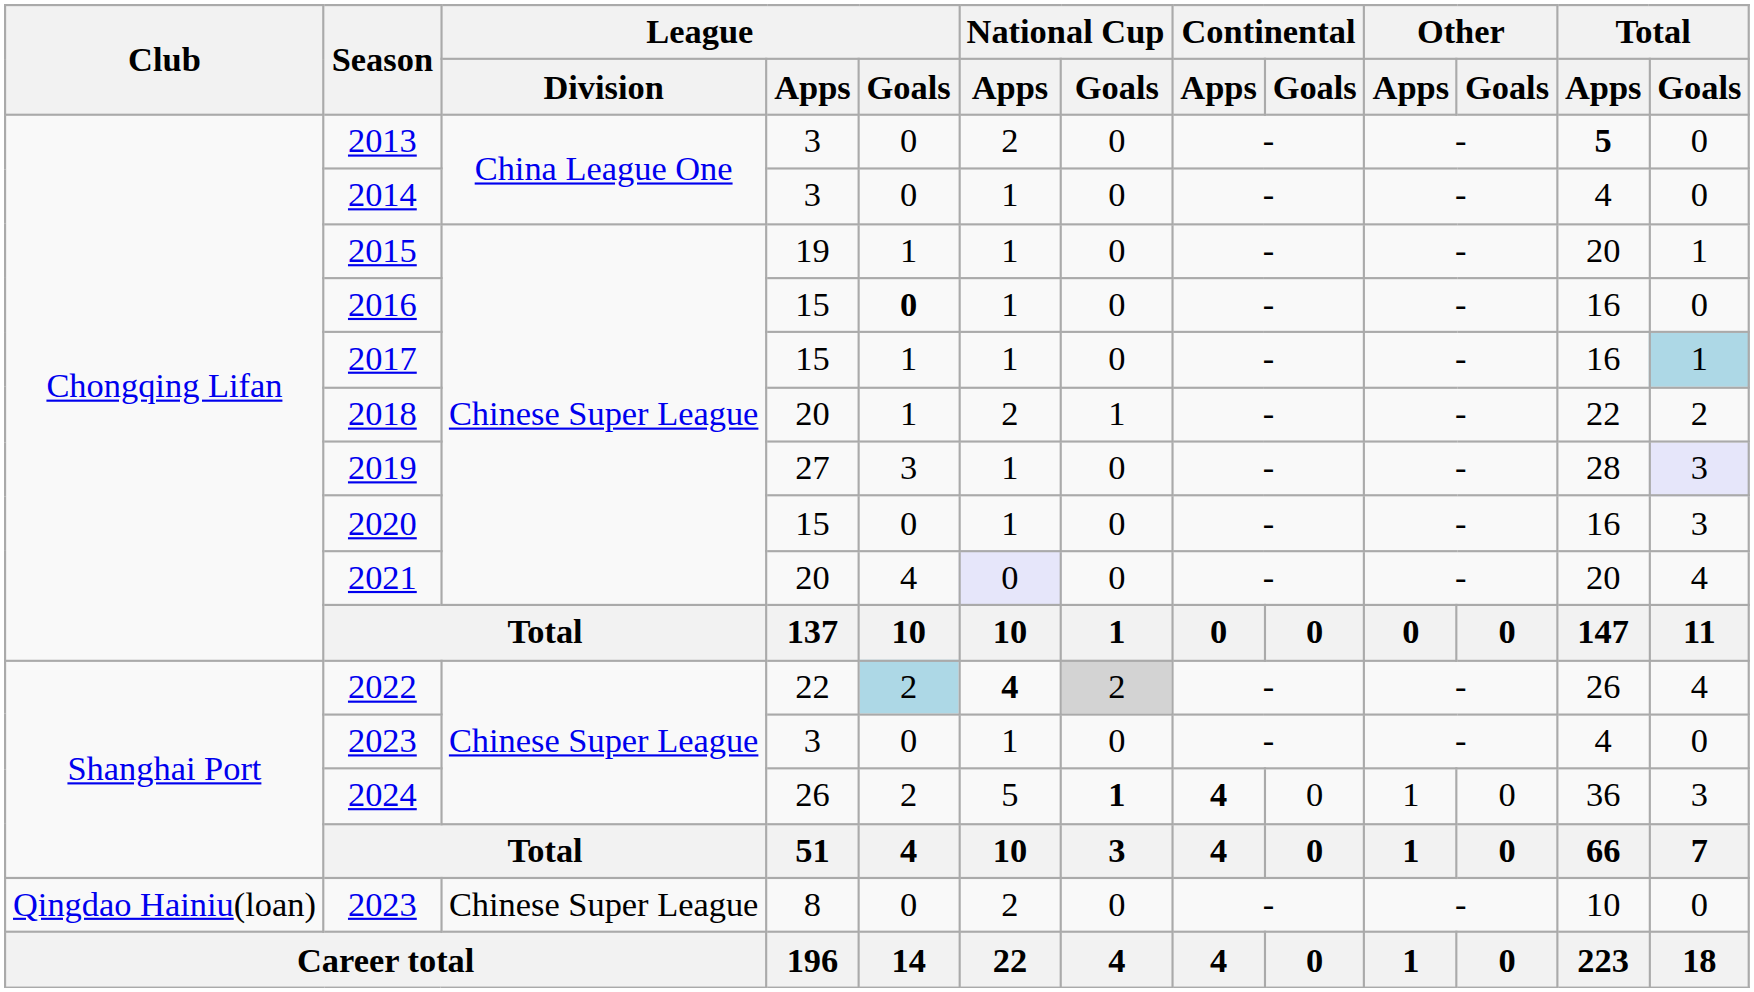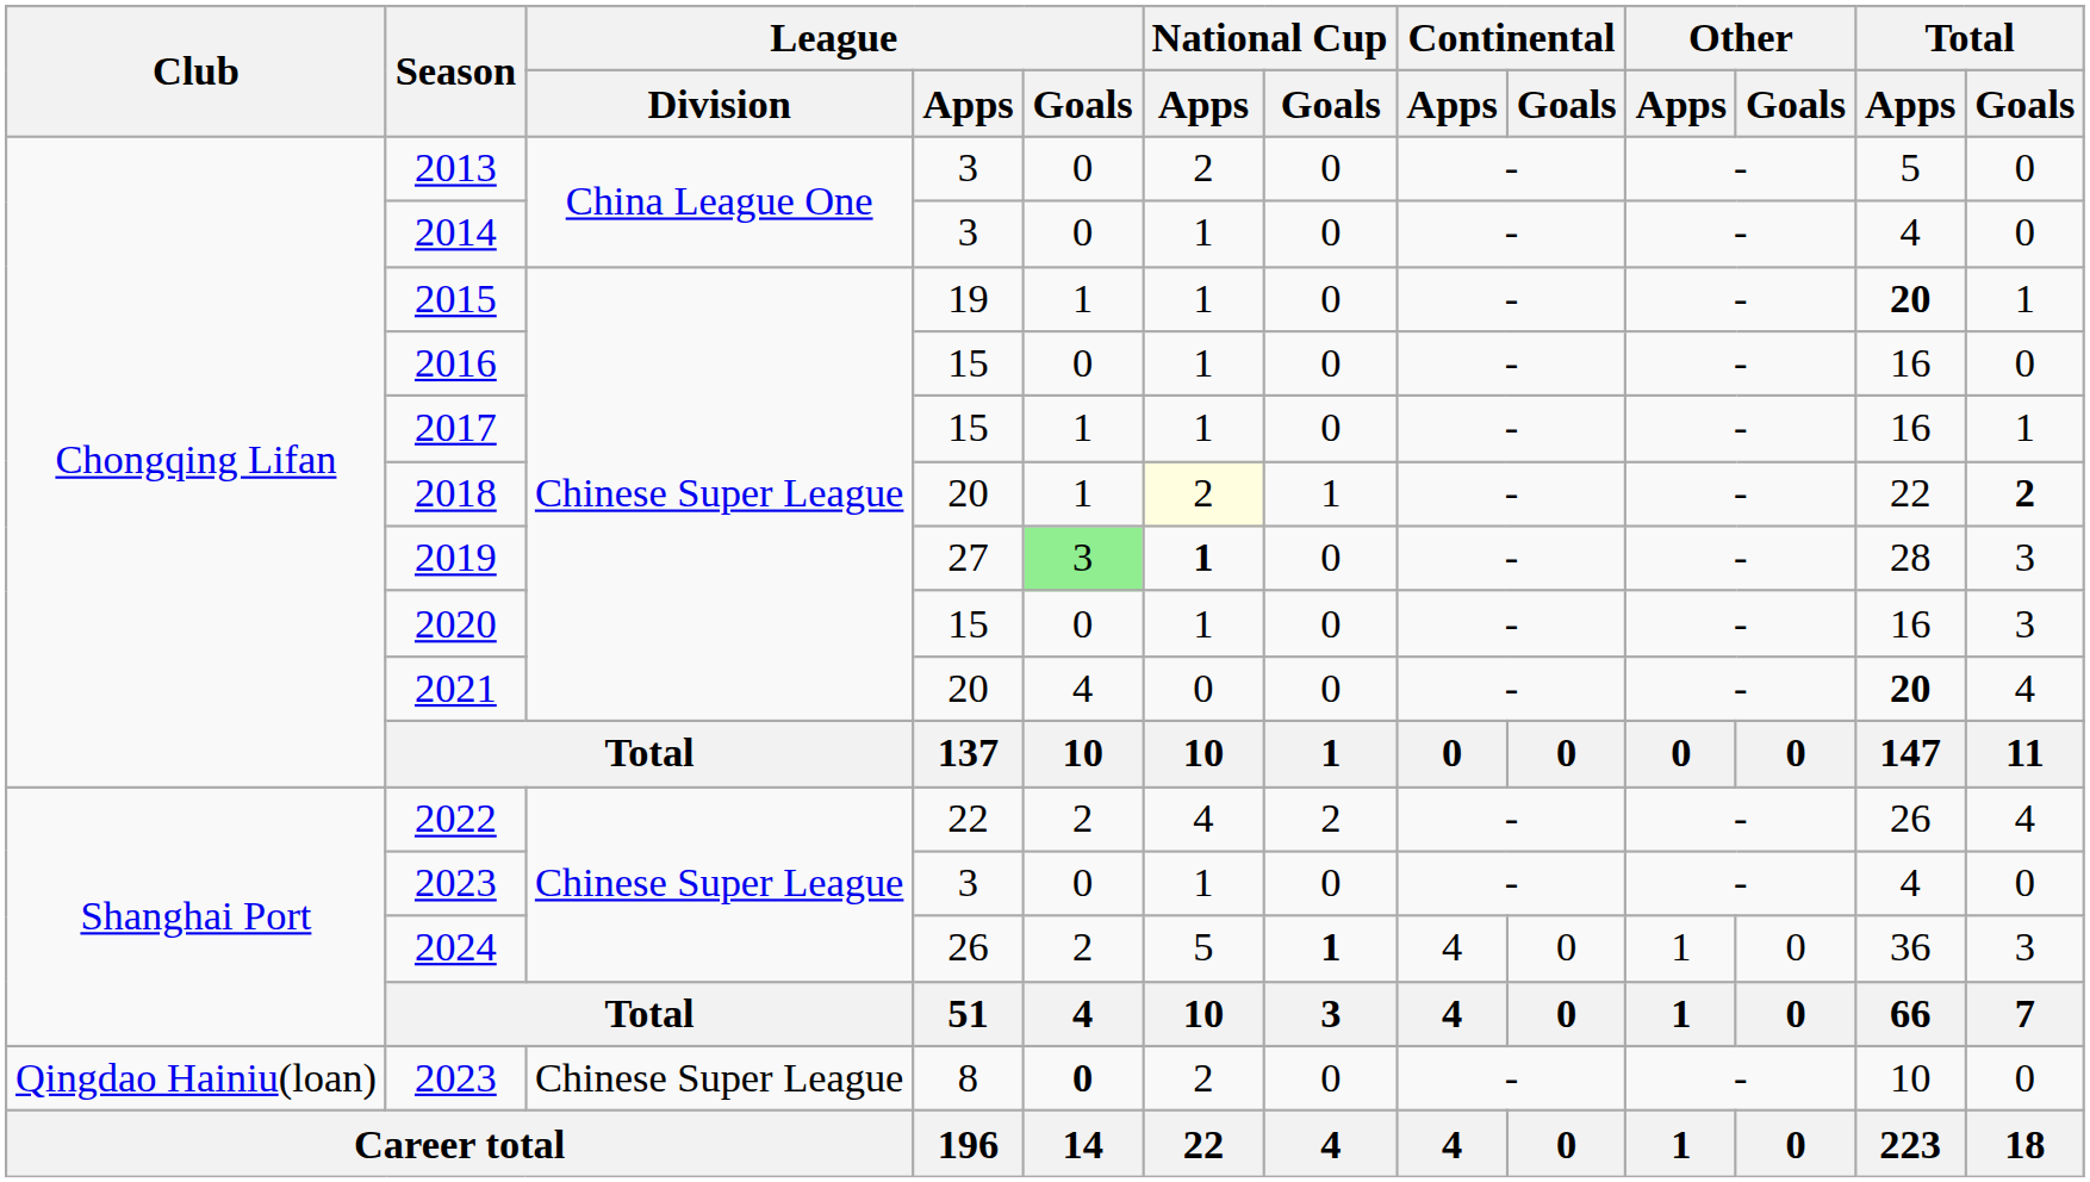 <table class="wikitable" style="text-align: center">
 <tr>
 <th rowspan="2">Club</th>
 <th rowspan="2">Season</th>
 <th colspan="3">League</th>
 <th colspan="2">National Cup</th>
 <th colspan="2">Continental</th>
 <th colspan="2">Other</th>
 <th colspan="2">Total</th>
 </tr>
 <tr>
 <th>Division</th>
 <th>Apps</th>
 <th>Goals</th>
 <th>Apps</th>
 <th>Goals</th>
 <th>Apps</th>
 <th>Goals</th>
 <th>Apps</th>
 <th>Goals</th>
 <th>Apps</th>
 <th>Goals</th>
 </tr>
 <tr>
 <td rowspan="10"><a href='#'>Chongqing Lifan</a></td>
 <td><a href='#'>2013</a></td>
 <td rowspan="2"><a href='#'>China League One</a></td>
 <td>3</td>
 <td>0</td>
 <td>2</td>
 <td>0</td>
 <td colspan="2">-</td>
 <td colspan="2">-</td>
-<td><strong>5</strong></td>
+<td>5</td>
 <td>0</td>
 </tr>
 <tr>
 <td><a href='#'>2014</a></td>
 <td>3</td>
 <td>0</td>
 <td>1</td>
 <td>0</td>
 <td colspan="2">-</td>
 <td colspan="2">-</td>
 <td>4</td>
 <td>0</td>
 </tr>
 <tr>
 <td><a href='#'>2015</a></td>
 <td rowspan="7"><a href='#'>Chinese Super League</a></td>
 <td>19</td>
 <td>1</td>
 <td>1</td>
 <td>0</td>
 <td colspan="2">-</td>
 <td colspan="2">-</td>
-<td>20</td>
+<td><strong>20</strong></td>
 <td>1</td>
 </tr>
 <tr>
 <td><a href='#'>2016</a></td>
 <td>15</td>
-<td><strong>0</strong></td>
+<td>0</td>
 <td>1</td>
 <td>0</td>
 <td colspan="2">-</td>
 <td colspan="2">-</td>
 <td>16</td>
 <td>0</td>
 </tr>
 <tr>
 <td><a href='#'>2017</a></td>
 <td>15</td>
 <td>1</td>
 <td>1</td>
 <td>0</td>
 <td colspan="2">-</td>
 <td colspan="2">-</td>
 <td>16</td>
-<td style="background: lightblue;">1</td>
+<td>1</td>
 </tr>
 <tr>
 <td><a href='#'>2018</a></td>
 <td>20</td>
 <td>1</td>
-<td>2</td>
+<td style="background: lightyellow;">2</td>
 <td>1</td>
 <td colspan="2">-</td>
 <td colspan="2">-</td>
 <td>22</td>
-<td>2</td>
+<td><strong>2</strong></td>
 </tr>
 <tr>
 <td><a href='#'>2019</a></td>
 <td>27</td>
-<td>3</td>
-<td>1</td>
+<td style="background: lightgreen;">3</td>
+<td><strong>1</strong></td>
 <td>0</td>
 <td colspan="2">-</td>
 <td colspan="2">-</td>
 <td>28</td>
-<td style="background: lavender;">3</td>
+<td>3</td>
 </tr>
 <tr>
 <td><a href='#'>2020</a></td>
 <td>15</td>
 <td>0</td>
 <td>1</td>
 <td>0</td>
 <td colspan="2">-</td>
 <td colspan="2">-</td>
 <td>16</td>
 <td>3</td>
 </tr>
 <tr>
 <td><a href='#'>2021</a></td>
 <td>20</td>
 <td>4</td>
-<td style="background: lavender;">0</td>
+<td>0</td>
 <td>0</td>
 <td colspan="2">-</td>
 <td colspan="2">-</td>
-<td>20</td>
+<td><strong>20</strong></td>
 <td>4</td>
 </tr>
 <tr>
 <th colspan="2">Total</th>
 <th>137</th>
 <th>10</th>
 <th>10</th>
 <th>1</th>
 <th>0</th>
 <th>0</th>
 <th>0</th>
 <th>0</th>
 <th>147</th>
 <th>11</th>
 </tr>
 <tr>
 <td rowspan="4"><a href='#'>Shanghai Port</a></td>
 <td><a href='#'>2022</a></td>
 <td rowspan="3"><a href='#'>Chinese Super League</a></td>
 <td>22</td>
-<td style="background: lightblue;">2</td>
-<td><strong>4</strong></td>
-<td style="background: lightgrey;">2</td>
+<td>2</td>
+<td>4</td>
+<td>2</td>
 <td colspan="2">-</td>
 <td colspan="2">-</td>
 <td>26</td>
 <td>4</td>
 </tr>
 <tr>
 <td><a href='#'>2023</a></td>
 <td>3</td>
 <td>0</td>
 <td>1</td>
 <td>0</td>
 <td colspan="2">-</td>
 <td colspan="2">-</td>
 <td>4</td>
 <td>0</td>
 </tr>
 <tr>
 <td><a href='#'>2024</a></td>
 <td>26</td>
 <td>2</td>
 <td>5</td>
 <td><strong>1</strong></td>
-<td><strong>4</strong></td>
+<td>4</td>
 <td>0</td>
 <td>1</td>
 <td>0</td>
 <td>36</td>
 <td>3</td>
 </tr>
 <tr>
 <th colspan="2">Total</th>
 <th>51</th>
 <th>4</th>
 <th>10</th>
 <th>3</th>
 <th>4</th>
 <th>0</th>
 <th>1</th>
 <th>0</th>
 <th>66</th>
 <th>7</th>
 </tr>
 <tr>
 <td><a href='#'>Qingdao Hainiu</a>(loan)</td>
 <td><a href='#'>2023</a></td>
 <td>Chinese Super League</td>
 <td>8</td>
-<td>0</td>
+<td><strong>0</strong></td>
 <td>2</td>
 <td>0</td>
 <td colspan="2">-</td>
 <td colspan="2">-</td>
 <td>10</td>
 <td>0</td>
 </tr>
 <tr>
 <th colspan="3">Career total</th>
 <th>196</th>
 <th>14</th>
 <th>22</th>
 <th>4</th>
 <th>4</th>
 <th>0</th>
 <th>1</th>
 <th>0</th>
 <th>223</th>
 <th>18</th>
 </tr>
 </table>
